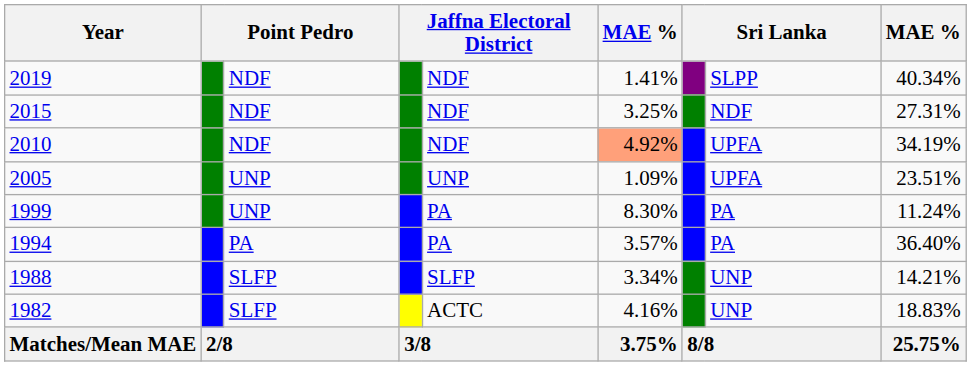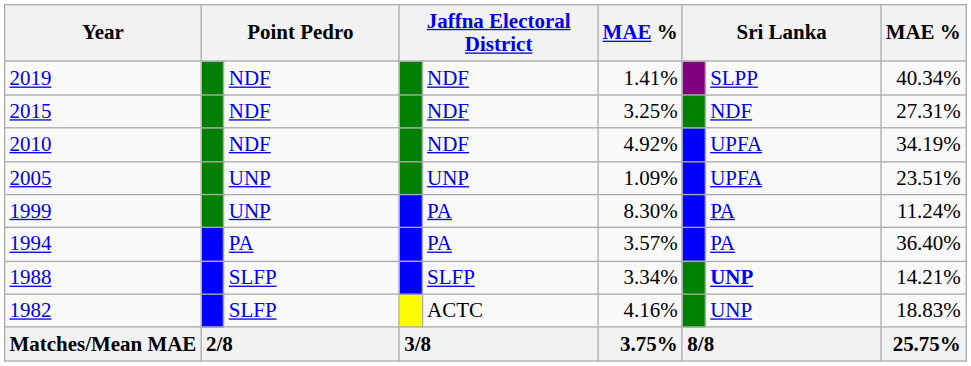 <table class="wikitable">
 <tr>
 <th>Year</th>
 <th colspan="2" width="144px">Point Pedro</th>
 <th colspan="2" width="144px"><a href='#'>Jaffna Electoral District</a></th>
 <th><a href='#'>MAE</a> %</th>
 <th colspan="2" width="144px">Sri Lanka</th>
 <th>MAE %</th>
 </tr>
 <tr>
 <td><a href='#'>2019</a></td>
 <td style="background-color:green;" width="10px"></td>
 <td style="text-align:left;"><a href='#'>NDF</a></td>
 <td style="background-color:green;" width="10px"></td>
 <td style="text-align:left;"><a href='#'>NDF</a></td>
 <td style="text-align:right;">1.41%</td>
 <td style="background-color:purple;" width="10px"></td>
 <td style="text-align:left;"><a href='#'>SLPP</a></td>
 <td style="text-align:right;">40.34%</td>
 </tr>
 <tr>
 <td><a href='#'>2015</a></td>
 <td style="background-color:green;" width="10px"></td>
 <td style="text-align:left;"><a href='#'>NDF</a></td>
 <td style="background-color:green;" width="10px"></td>
 <td style="text-align:left;"><a href='#'>NDF</a></td>
 <td style="text-align:right;">3.25%</td>
 <td style="background-color:green;" width="10px"></td>
 <td style="text-align:left;"><a href='#'>NDF</a></td>
 <td style="text-align:right;">27.31%</td>
 </tr>
 <tr>
 <td><a href='#'>2010</a></td>
 <td style="background-color:green;" width="10px"></td>
 <td style="text-align:left;"><a href='#'>NDF</a></td>
 <td style="background-color:green;" width="10px"></td>
 <td style="text-align:left;"><a href='#'>NDF</a></td>
-<td style="background: lightsalmon; text-align:right;">4.92%</td>
+<td style="text-align:right;">4.92%</td>
 <td style="background-color:blue;" width="10px"></td>
 <td style="text-align:left;"><a href='#'>UPFA</a></td>
 <td style="text-align:right;">34.19%</td>
 </tr>
 <tr>
 <td><a href='#'>2005</a></td>
 <td style="background-color:green;" width="10px"></td>
 <td style="text-align:left;"><a href='#'>UNP</a></td>
 <td style="background-color:green;" width="10px"></td>
 <td style="text-align:left;"><a href='#'>UNP</a></td>
 <td style="text-align:right;">1.09%</td>
 <td style="background-color:blue;" width="10px"></td>
 <td style="text-align:left;"><a href='#'>UPFA</a></td>
 <td style="text-align:right;">23.51%</td>
 </tr>
 <tr>
 <td><a href='#'>1999</a></td>
 <td style="background-color:green;" width="10px"></td>
 <td style="text-align:left;"><a href='#'>UNP</a></td>
 <td style="background-color:blue;" width="10px"></td>
 <td style="text-align:left;"><a href='#'>PA</a></td>
 <td style="text-align:right;">8.30%</td>
 <td style="background-color:blue;" width="10px"></td>
 <td style="text-align:left;"><a href='#'>PA</a></td>
 <td style="text-align:right;">11.24%</td>
 </tr>
 <tr>
 <td><a href='#'>1994</a></td>
 <td style="background-color:blue;" width="10px"></td>
 <td style="text-align:left;"><a href='#'>PA</a></td>
 <td style="background-color:blue;" width="10px"></td>
 <td style="text-align:left;"><a href='#'>PA</a></td>
 <td style="text-align:right;">3.57%</td>
 <td style="background-color:blue;" width="10px"></td>
 <td style="text-align:left;"><a href='#'>PA</a></td>
 <td style="text-align:right;">36.40%</td>
 </tr>
 <tr>
 <td><a href='#'>1988</a></td>
 <td style="background-color:blue;" width="10px"></td>
 <td style="text-align:left;"><a href='#'>SLFP</a></td>
 <td style="background-color:blue;" width="10px"></td>
 <td style="text-align:left;"><a href='#'>SLFP</a></td>
 <td style="text-align:right;">3.34%</td>
 <td style="background-color:green;" width="10px"></td>
-<td style="text-align:left;"><a href='#'>UNP</a></td>
+<td style="text-align:left;"><strong><a href='#'>UNP</a></strong></td>
 <td style="text-align:right;">14.21%</td>
 </tr>
 <tr>
 <td><a href='#'>1982</a></td>
 <td style="background-color:blue;" width="10px"></td>
 <td style="text-align:left;"><a href='#'>SLFP</a></td>
 <td style="background-color:yellow;" width="10px"></td>
 <td style="text-align:left;">ACTC</td>
 <td style="text-align:right;">4.16%</td>
 <td style="background-color:green;" width="10px"></td>
 <td style="text-align:left;"><a href='#'>UNP</a></td>
 <td style="text-align:right;">18.83%</td>
 </tr>
 <tr>
 <th>Matches/Mean MAE</th>
 <th style="text-align:left;"colspan="2" width="144px">2/8</th>
 <th style="text-align:left;"colspan="2" width="144px">3/8</th>
 <th style="text-align:right;">3.75%</th>
 <th style="text-align:left;"colspan="2" width="144px">8/8</th>
 <th style="text-align:right;">25.75%</th>
 </tr>
 </table>
